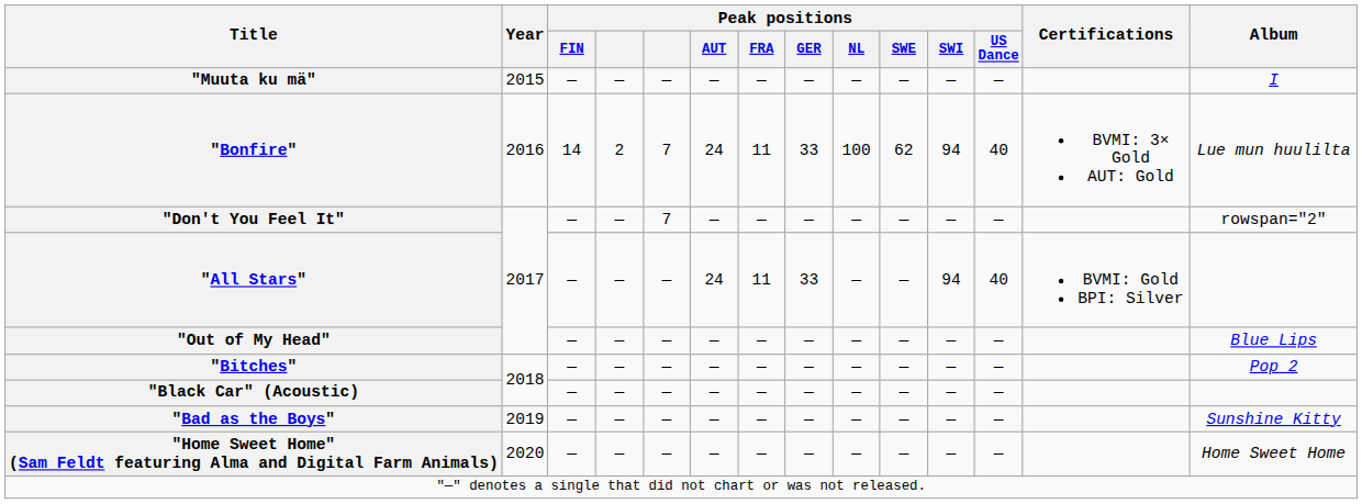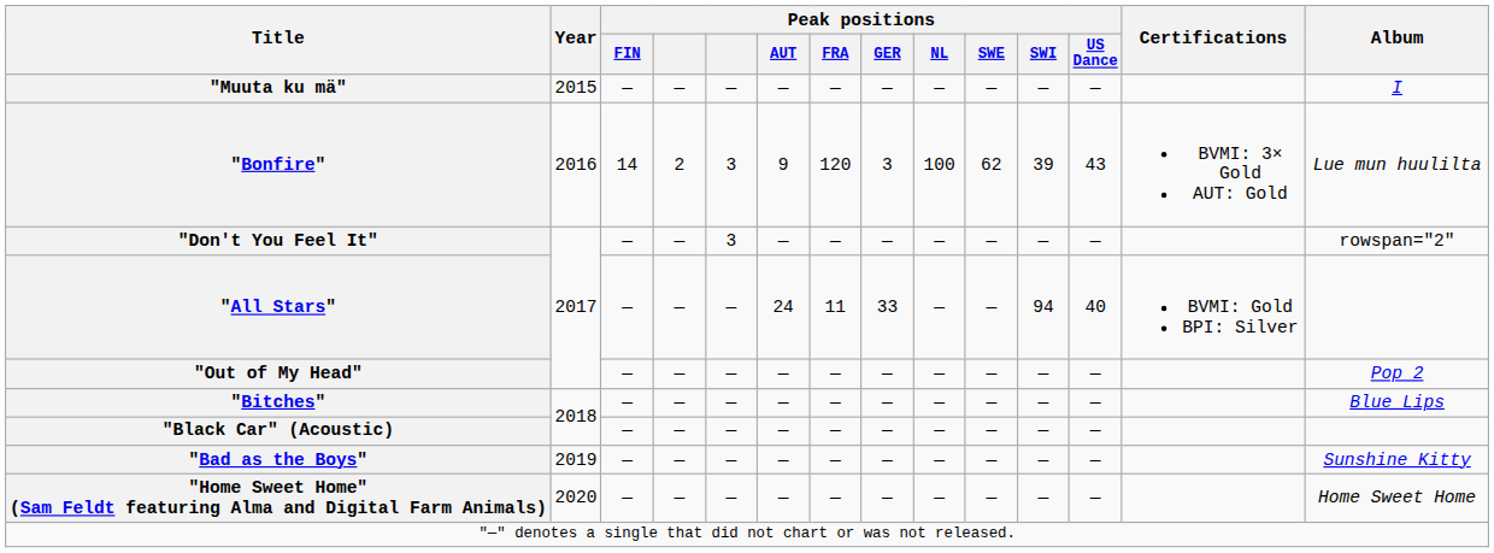 <table class="wikitable plainrowheaders" style="text-align:center;">
 <tr>
 <th scope="col" rowspan="2">Title</th>
 <th scope="col" rowspan="2" style="width:1em;">Year</th>
 <th scope="col" colspan="10">Peak positions</th>
 <th scope="col" rowspan="2" style="width:10em;">Certifications</th>
 <th scope="col" rowspan="2" style="width:10em;">Album</th>
 </tr>
 <tr>
 <th scope="col" style="width:3em;font-size:85%;"><a href='#'>FIN</a><br></th>
 <th scope="col" style="width:3em;font-size:85%;"><a href='#'></a><br></th>
 <th scope="col" style="width:3em;font-size:85%;"><a href='#'></a><br></th>
 <th scope="col" style="width:3em;font-size:85%;"><a href='#'>AUT</a><br></th>
 <th scope="col" style="width:3em;font-size:85%;"><a href='#'>FRA</a><br></th>
 <th scope="col" style="width:3em;font-size:85%;"><a href='#'>GER</a><br></th>
 <th scope="col" style="width:3em;font-size:85%;"><a href='#'>NL</a><br></th>
 <th scope="col" style="width:3em;font-size:85%;"><a href='#'>SWE</a><br></th>
 <th scope="col" style="width:3em;font-size:85%;"><a href='#'>SWI</a><br></th>
 <th scope="col" style="width:3em;font-size:85%;"><a href='#'>US<br>Dance</a><br></th>
 </tr>
 <tr>
 <th scope="row">"Muuta ku mä"<br></th>
 <td>2015</td>
 <td>—</td>
 <td>—</td>
 <td>—</td>
 <td>—</td>
 <td>—</td>
 <td>—</td>
 <td>—</td>
 <td>—</td>
 <td>—</td>
 <td>—</td>
 <td></td>
 <td><em><a href='#'>I</a></em></td>
 </tr>
 <tr>
 <th scope="row">"<a href='#'>Bonfire</a>"<br></th>
 <td>2016</td>
 <td>14</td>
 <td>2</td>
-<td>7</td>
-<td>24</td>
-<td>11</td>
-<td>33</td>
+<td>3</td>
+<td>9</td>
+<td>120</td>
+<td>3</td>
 <td>100</td>
 <td>62</td>
-<td>94</td>
-<td>40</td>
+<td>39</td>
+<td>43</td>
 <td><br><ul><li>BVMI: 3× Gold</li><li>AUT: Gold</li></ul></td>
 <td><em>Lue mun huulilta</em></td>
 </tr>
 <tr>
 <th scope="row">"Don't You Feel It"<br></th>
 <td rowspan="3">2017</td>
 <td>—</td>
 <td>—</td>
-<td>7</td>
+<td>3</td>
 <td>—</td>
 <td>—</td>
 <td>—</td>
 <td>—</td>
 <td>—</td>
 <td>—</td>
 <td>—</td>
 <td></td>
 <td>rowspan="2" </td>
 </tr>
 <tr>
 <th scope="row">"<a href='#'>All Stars</a>"<br></th>
 <td>—</td>
 <td>—</td>
 <td>—</td>
 <td>24</td>
 <td>11</td>
 <td>33</td>
 <td>—</td>
 <td>—</td>
 <td>94</td>
 <td>40</td>
 <td><br><ul><li>BVMI: Gold</li><li>BPI: Silver</li></ul></td>
 </tr>
 <tr>
 <th scope="row">"Out of My Head"<br></th>
 <td>—</td>
 <td>—</td>
 <td>—</td>
 <td>—</td>
 <td>—</td>
 <td>—</td>
 <td>—</td>
 <td>—</td>
 <td>—</td>
 <td>—</td>
 <td></td>
-<td><em><a href='#'>Blue Lips</a></em></td>
+<td><em><a href='#'>Pop 2</a></em></td>
 </tr>
 <tr>
 <th scope="row">"<a href='#'>Bitches</a>"<br></th>
 <td rowspan="2">2018</td>
 <td>—</td>
 <td>—</td>
 <td>—</td>
 <td>—</td>
 <td>—</td>
 <td>—</td>
 <td>—</td>
 <td>—</td>
 <td>—</td>
 <td>—</td>
 <td></td>
-<td><em><a href='#'>Pop 2</a></em></td>
+<td><em><a href='#'>Blue Lips</a></em></td>
 </tr>
 <tr>
 <th scope="row">"Black Car" (Acoustic)<br></th>
 <td>—</td>
 <td>—</td>
 <td>—</td>
 <td>—</td>
 <td>—</td>
 <td>—</td>
 <td>—</td>
 <td>—</td>
 <td>—</td>
 <td>—</td>
 <td></td>
 <td></td>
 </tr>
 <tr>
 <th scope="row">"<a href='#'>Bad as the Boys</a>"<br></th>
 <td>2019</td>
 <td>—</td>
 <td>—</td>
 <td>—</td>
 <td>—</td>
 <td>—</td>
 <td>—</td>
 <td>—</td>
 <td>—</td>
 <td>—</td>
 <td>—</td>
 <td></td>
 <td><em><a href='#'>Sunshine Kitty</a></em></td>
 </tr>
 <tr>
 <th scope="row">"Home Sweet Home" <br><span>(<a href='#'>Sam Feldt</a> featuring Alma and Digital Farm Animals)</span></th>
 <td>2020</td>
 <td>—</td>
 <td>—</td>
 <td>—</td>
 <td>—</td>
 <td>—</td>
 <td>—</td>
 <td>—</td>
 <td>—</td>
 <td>—</td>
 <td>—</td>
 <td></td>
 <td><em>Home Sweet Home</em></td>
 </tr>
 <tr>
 <td style="text-align:center; font-size:85%;" colspan="22">"—" denotes a single that did not chart or was not released.</td>
 </tr>
 </table>
